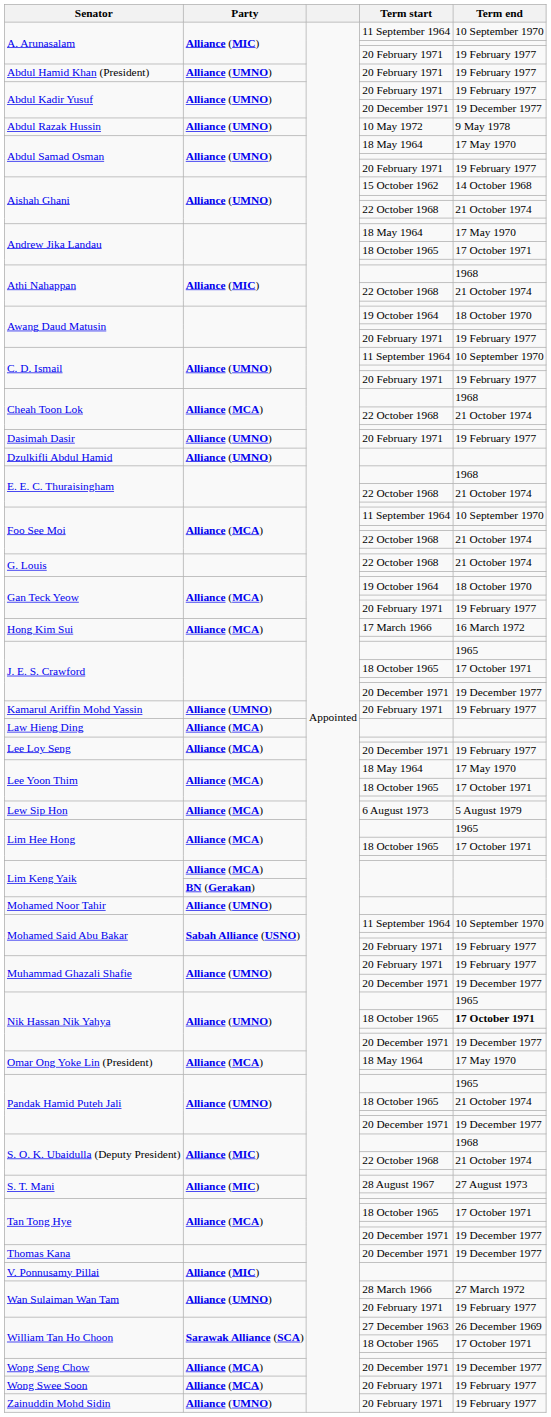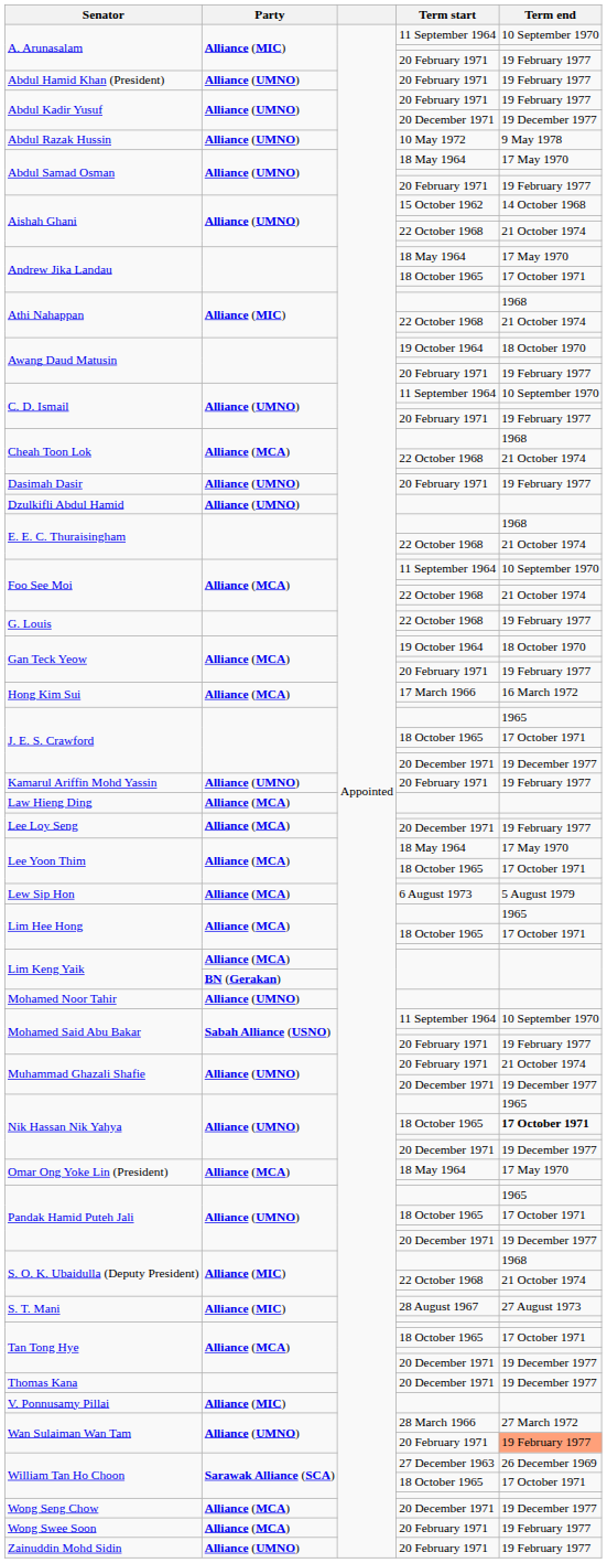 <table class="wikitable sortable">
 <tr>
 <th>Senator</th>
 <th>Party</th>
 <th></th>
 <th>Term start</th>
 <th>Term end</th>
 </tr>
 <tr>
 <td rowspan=3><a href='#'>A. Arunasalam</a></td>
 <td rowspan=3><strong><a href='#'>Alliance</a></strong> (<strong><a href='#'>MIC</a></strong>)</td>
 <td rowspan=97>Appointed</td>
 <td>11 September 1964</td>
 <td>10 September 1970</td>
 </tr>
 <tr>
 <td></td>
 <td></td>
 </tr>
 <tr>
 <td>20 February 1971</td>
 <td>19 February 1977</td>
 </tr>
 <tr>
 <td><a href='#'>Abdul Hamid Khan</a> (President)</td>
 <td><strong><a href='#'>Alliance</a></strong> (<strong><a href='#'>UMNO</a></strong>)</td>
 <td>20 February 1971</td>
 <td>19 February 1977</td>
 </tr>
 <tr>
 <td rowspan=2><a href='#'>Abdul Kadir Yusuf</a></td>
 <td rowspan=2><strong><a href='#'>Alliance</a></strong> (<strong><a href='#'>UMNO</a></strong>)</td>
 <td>20 February 1971</td>
 <td>19 February 1977</td>
 </tr>
 <tr>
 <td>20 December 1971</td>
 <td>19 December 1977</td>
 </tr>
 <tr>
 <td><a href='#'>Abdul Razak Hussin</a></td>
 <td><strong><a href='#'>Alliance</a></strong> (<strong><a href='#'>UMNO</a></strong>)</td>
 <td>10 May 1972</td>
 <td>9 May 1978</td>
 </tr>
 <tr>
 <td rowspan=3><a href='#'>Abdul Samad Osman</a></td>
 <td rowspan=3><strong><a href='#'>Alliance</a></strong> (<strong><a href='#'>UMNO</a></strong>)</td>
 <td>18 May 1964</td>
 <td>17 May 1970</td>
 </tr>
 <tr>
 <td></td>
 <td></td>
 </tr>
 <tr>
 <td>20 February 1971</td>
 <td>19 February 1977</td>
 </tr>
 <tr>
 <td rowspan=4><a href='#'>Aishah Ghani</a></td>
 <td rowspan=4><strong><a href='#'>Alliance</a></strong> (<strong><a href='#'>UMNO</a></strong>)</td>
 <td>15 October 1962</td>
 <td>14 October 1968</td>
 </tr>
 <tr>
 <td></td>
 <td></td>
 </tr>
 <tr>
 <td>22 October 1968</td>
 <td>21 October 1974</td>
 </tr>
 <tr>
 <td></td>
 <td></td>
 </tr>
 <tr>
 <td rowspan=3><a href='#'>Andrew Jika Landau</a></td>
 <td rowspan=3></td>
 <td>18 May 1964</td>
 <td>17 May 1970</td>
 </tr>
 <tr>
 <td>18 October 1965</td>
 <td>17 October 1971</td>
 </tr>
 <tr>
 <td></td>
 <td></td>
 </tr>
 <tr>
 <td rowspan=3><a href='#'>Athi Nahappan</a></td>
 <td rowspan=3><strong><a href='#'>Alliance</a></strong> (<strong><a href='#'>MIC</a></strong>)</td>
 <td></td>
 <td>1968</td>
 </tr>
 <tr>
 <td>22 October 1968</td>
 <td>21 October 1974</td>
 </tr>
 <tr>
 <td></td>
 <td></td>
 </tr>
 <tr>
 <td rowspan=3><a href='#'>Awang Daud Matusin</a></td>
 <td rowspan=3></td>
 <td>19 October 1964</td>
 <td>18 October 1970</td>
 </tr>
 <tr>
 <td></td>
 <td></td>
 </tr>
 <tr>
 <td>20 February 1971</td>
 <td>19 February 1977</td>
 </tr>
 <tr>
 <td rowspan=3><a href='#'>C. D. Ismail</a></td>
 <td rowspan=3><strong><a href='#'>Alliance</a></strong> (<strong><a href='#'>UMNO</a></strong>)</td>
 <td>11 September 1964</td>
 <td>10 September 1970</td>
 </tr>
 <tr>
 <td></td>
 <td></td>
 </tr>
 <tr>
 <td>20 February 1971</td>
 <td>19 February 1977</td>
 </tr>
 <tr>
 <td rowspan=3><a href='#'>Cheah Toon Lok</a></td>
 <td rowspan=3><strong><a href='#'>Alliance</a></strong> (<strong><a href='#'>MCA</a></strong>)</td>
 <td></td>
 <td>1968</td>
 </tr>
 <tr>
 <td>22 October 1968</td>
 <td>21 October 1974</td>
 </tr>
 <tr>
 <td></td>
 <td></td>
 </tr>
 <tr>
 <td><a href='#'>Dasimah Dasir</a></td>
 <td><strong><a href='#'>Alliance</a></strong> (<strong><a href='#'>UMNO</a></strong>)</td>
 <td>20 February 1971</td>
 <td>19 February 1977</td>
 </tr>
 <tr>
 <td><a href='#'>Dzulkifli Abdul Hamid</a></td>
 <td><strong><a href='#'>Alliance</a></strong> (<strong><a href='#'>UMNO</a></strong>)</td>
 <td></td>
 <td></td>
 </tr>
 <tr>
 <td rowspan=3><a href='#'>E. E. C. Thuraisingham</a></td>
 <td rowspan=3></td>
 <td></td>
 <td>1968</td>
 </tr>
 <tr>
 <td>22 October 1968</td>
 <td>21 October 1974</td>
 </tr>
 <tr>
 <td></td>
 <td></td>
 </tr>
 <tr>
 <td rowspan=4><a href='#'>Foo See Moi</a></td>
 <td rowspan=4><strong><a href='#'>Alliance</a></strong> (<strong><a href='#'>MCA</a></strong>)</td>
 <td>11 September 1964</td>
 <td>10 September 1970</td>
 </tr>
 <tr>
 <td></td>
 <td></td>
 </tr>
 <tr>
 <td>22 October 1968</td>
 <td>21 October 1974</td>
 </tr>
 <tr>
 <td></td>
 <td></td>
 </tr>
 <tr>
 <td rowspan=2><a href='#'>G. Louis</a></td>
 <td rowspan=2></td>
 <td>22 October 1968</td>
-<td>21 October 1974</td>
+<td>19 February 1977</td>
 </tr>
 <tr>
 <td></td>
 <td></td>
 </tr>
 <tr>
 <td rowspan=3><a href='#'>Gan Teck Yeow</a></td>
 <td rowspan=3><strong><a href='#'>Alliance</a></strong> (<strong><a href='#'>MCA</a></strong>)</td>
 <td>19 October 1964</td>
 <td>18 October 1970</td>
 </tr>
 <tr>
 <td></td>
 <td></td>
 </tr>
 <tr>
 <td>20 February 1971</td>
 <td>19 February 1977</td>
 </tr>
 <tr>
 <td rowspan=2><a href='#'>Hong Kim Sui</a></td>
 <td rowspan=2><strong><a href='#'>Alliance</a></strong> (<strong><a href='#'>MCA</a></strong>)</td>
 <td>17 March 1966</td>
 <td>16 March 1972</td>
 </tr>
 <tr>
 <td></td>
 <td></td>
 </tr>
 <tr>
 <td rowspan=4><a href='#'>J. E. S. Crawford</a></td>
 <td rowspan=4></td>
 <td></td>
 <td>1965</td>
 </tr>
 <tr>
 <td>18 October 1965</td>
 <td>17 October 1971</td>
 </tr>
 <tr>
 <td></td>
 <td></td>
 </tr>
 <tr>
 <td>20 December 1971</td>
 <td>19 December 1977</td>
 </tr>
 <tr>
 <td><a href='#'>Kamarul Ariffin Mohd Yassin</a></td>
 <td><strong><a href='#'>Alliance</a></strong> (<strong><a href='#'>UMNO</a></strong>)</td>
 <td>20 February 1971</td>
 <td>19 February 1977</td>
 </tr>
 <tr>
 <td><a href='#'>Law Hieng Ding</a></td>
 <td><strong><a href='#'>Alliance</a></strong> (<strong><a href='#'>MCA</a></strong>)</td>
 <td></td>
 <td></td>
 </tr>
 <tr>
 <td rowspan=2><a href='#'>Lee Loy Seng</a></td>
 <td rowspan=2><strong><a href='#'>Alliance</a></strong> (<strong><a href='#'>MCA</a></strong>)</td>
 <td></td>
 <td></td>
 </tr>
 <tr>
 <td>20 December 1971</td>
 <td>19 February 1977</td>
 </tr>
 <tr>
 <td rowspan=3><a href='#'>Lee Yoon Thim</a></td>
 <td rowspan=3><strong><a href='#'>Alliance</a></strong> (<strong><a href='#'>MCA</a></strong>)</td>
 <td>18 May 1964</td>
 <td>17 May 1970</td>
 </tr>
 <tr>
 <td>18 October 1965</td>
 <td>17 October 1971</td>
 </tr>
 <tr>
 <td></td>
 <td></td>
 </tr>
 <tr>
 <td><a href='#'>Lew Sip Hon</a></td>
 <td><strong><a href='#'>Alliance</a></strong> (<strong><a href='#'>MCA</a></strong>)</td>
 <td>6 August 1973</td>
 <td>5 August 1979</td>
 </tr>
 <tr>
 <td rowspan=3><a href='#'>Lim Hee Hong</a></td>
 <td rowspan=3><strong><a href='#'>Alliance</a></strong> (<strong><a href='#'>MCA</a></strong>)</td>
 <td></td>
 <td>1965</td>
 </tr>
 <tr>
 <td>18 October 1965</td>
 <td>17 October 1971</td>
 </tr>
 <tr>
 <td></td>
 <td></td>
 </tr>
 <tr>
 <td rowspan=2><a href='#'>Lim Keng Yaik</a></td>
 <td><strong><a href='#'>Alliance</a></strong> (<strong><a href='#'>MCA</a></strong>)</td>
 <td rowspan=2></td>
 <td rowspan=2></td>
 </tr>
 <tr>
 <td><strong><a href='#'>BN</a></strong> (<strong><a href='#'>Gerakan</a></strong>)</td>
 </tr>
 <tr>
 <td><a href='#'>Mohamed Noor Tahir</a></td>
 <td><strong><a href='#'>Alliance</a></strong> (<strong><a href='#'>UMNO</a></strong>)</td>
 <td></td>
 <td></td>
 </tr>
 <tr>
 <td rowspan=3><a href='#'>Mohamed Said Abu Bakar</a></td>
 <td rowspan=3><strong><a href='#'>Sabah Alliance</a></strong> (<strong><a href='#'>USNO</a></strong>)</td>
 <td>11 September 1964</td>
 <td>10 September 1970</td>
 </tr>
 <tr>
 <td></td>
 <td></td>
 </tr>
 <tr>
 <td>20 February 1971</td>
 <td>19 February 1977</td>
 </tr>
 <tr>
 <td rowspan=2><a href='#'>Muhammad Ghazali Shafie</a></td>
 <td rowspan=2><strong><a href='#'>Alliance</a></strong> (<strong><a href='#'>UMNO</a></strong>)</td>
 <td>20 February 1971</td>
-<td>19 February 1977</td>
+<td>21 October 1974</td>
 </tr>
 <tr>
 <td>20 December 1971</td>
 <td>19 December 1977</td>
 </tr>
 <tr>
 <td rowspan=4><a href='#'>Nik Hassan Nik Yahya</a></td>
 <td rowspan=4><strong><a href='#'>Alliance</a></strong> (<strong><a href='#'>UMNO</a></strong>)</td>
 <td></td>
 <td>1965</td>
 </tr>
 <tr>
 <td>18 October 1965</td>
 <td><strong>17 October 1971</strong></td>
 </tr>
 <tr>
 <td></td>
 <td></td>
 </tr>
 <tr>
 <td>20 December 1971</td>
 <td>19 December 1977</td>
 </tr>
 <tr>
 <td rowspan=2><a href='#'>Omar Ong Yoke Lin</a> (President)</td>
 <td rowspan=2><strong><a href='#'>Alliance</a></strong> (<strong><a href='#'>MCA</a></strong>)</td>
 <td>18 May 1964</td>
 <td>17 May 1970</td>
 </tr>
 <tr>
 <td></td>
 <td></td>
 </tr>
 <tr>
 <td rowspan=4><a href='#'>Pandak Hamid Puteh Jali</a></td>
 <td rowspan=4><strong><a href='#'>Alliance</a></strong> (<strong><a href='#'>UMNO</a></strong>)</td>
 <td></td>
 <td>1965</td>
 </tr>
 <tr>
 <td>18 October 1965</td>
-<td>21 October 1974</td>
+<td>17 October 1971</td>
 </tr>
 <tr>
 <td></td>
 <td></td>
 </tr>
 <tr>
 <td>20 December 1971</td>
 <td>19 December 1977</td>
 </tr>
 <tr>
 <td rowspan=3><a href='#'>S. O. K. Ubaidulla</a> (Deputy President)</td>
 <td rowspan=3><strong><a href='#'>Alliance</a></strong> (<strong><a href='#'>MIC</a></strong>)</td>
 <td></td>
 <td>1968</td>
 </tr>
 <tr>
 <td>22 October 1968</td>
 <td>21 October 1974</td>
 </tr>
 <tr>
 <td></td>
 <td></td>
 </tr>
 <tr>
 <td rowspan=2><a href='#'>S. T. Mani</a></td>
 <td rowspan=2><strong><a href='#'>Alliance</a></strong> (<strong><a href='#'>MIC</a></strong>)</td>
 <td>28 August 1967</td>
 <td>27 August 1973</td>
 </tr>
 <tr>
 <td></td>
 <td></td>
 </tr>
 <tr>
 <td rowspan=4><a href='#'>Tan Tong Hye</a></td>
 <td rowspan=4><strong><a href='#'>Alliance</a></strong> (<strong><a href='#'>MCA</a></strong>)</td>
 <td></td>
 <td></td>
 </tr>
 <tr>
 <td>18 October 1965</td>
 <td>17 October 1971</td>
 </tr>
 <tr>
 <td></td>
 <td></td>
 </tr>
 <tr>
 <td>20 December 1971</td>
 <td>19 December 1977</td>
 </tr>
 <tr>
 <td><a href='#'>Thomas Kana</a></td>
 <td></td>
 <td>20 December 1971</td>
 <td>19 December 1977</td>
 </tr>
 <tr>
 <td><a href='#'>V. Ponnusamy Pillai</a></td>
 <td><strong><a href='#'>Alliance</a></strong> (<strong><a href='#'>MIC</a></strong>)</td>
 <td></td>
 <td></td>
 </tr>
 <tr>
 <td rowspan=2><a href='#'>Wan Sulaiman Wan Tam</a></td>
 <td rowspan=2><strong><a href='#'>Alliance</a></strong> (<strong><a href='#'>UMNO</a></strong>)</td>
 <td>28 March 1966</td>
 <td>27 March 1972</td>
 </tr>
 <tr>
 <td>20 February 1971</td>
-<td>19 February 1977</td>
+<td style="background: lightsalmon;">19 February 1977</td>
 </tr>
 <tr>
 <td rowspan=3><a href='#'>William Tan Ho Choon</a></td>
 <td rowspan=3><strong><a href='#'>Sarawak Alliance</a></strong> (<strong><a href='#'>SCA</a></strong>)</td>
 <td>27 December 1963</td>
 <td>26 December 1969</td>
 </tr>
 <tr>
 <td>18 October 1965</td>
 <td>17 October 1971</td>
 </tr>
 <tr>
 <td></td>
 <td></td>
 </tr>
 <tr>
 <td><a href='#'>Wong Seng Chow</a></td>
 <td><strong><a href='#'>Alliance</a></strong> (<strong><a href='#'>MCA</a></strong>)</td>
 <td>20 December 1971</td>
 <td>19 December 1977</td>
 </tr>
 <tr>
 <td><a href='#'>Wong Swee Soon</a></td>
 <td><strong><a href='#'>Alliance</a></strong> (<strong><a href='#'>MCA</a></strong>)</td>
 <td>20 February 1971</td>
 <td>19 February 1977</td>
 </tr>
 <tr>
 <td><a href='#'>Zainuddin Mohd Sidin</a></td>
 <td><strong><a href='#'>Alliance</a></strong> (<strong><a href='#'>UMNO</a></strong>)</td>
 <td>20 February 1971</td>
 <td>19 February 1977</td>
 </tr>
 </table>
